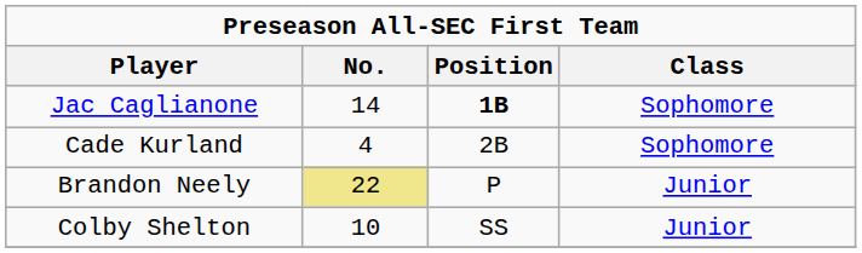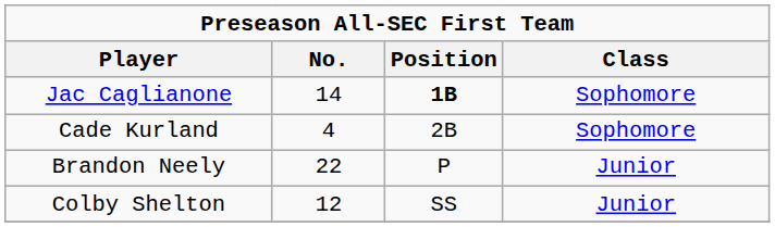 <table class="wikitable" style="text-align:center">
 <tr>
 <td colspan="5"><strong>Preseason All-SEC First Team</strong></td>
 </tr>
 <tr>
 <th style="width:150px; ">Player</th>
 <th style="width:60px; ">No.</th>
 <th style="width:60px; ">Position</th>
 <th style="width:150px; ">Class</th>
 </tr>
 <tr>
 <td><a href='#'>Jac Caglianone</a></td>
 <td>14</td>
 <td><strong>1B</strong></td>
 <td><a href='#'>Sophomore</a></td>
 </tr>
 <tr>
 <td>Cade Kurland</td>
 <td>4</td>
 <td>2B</td>
 <td><a href='#'>Sophomore</a></td>
 </tr>
 <tr>
 <td>Brandon Neely</td>
-<td style="background: khaki;">22</td>
+<td>22</td>
 <td>P</td>
 <td><a href='#'>Junior</a></td>
 </tr>
 <tr>
 <td>Colby Shelton</td>
-<td>10</td>
+<td>12</td>
 <td>SS</td>
 <td><a href='#'>Junior</a></td>
 </tr>
 <tr>
 </tr>
 </table>
